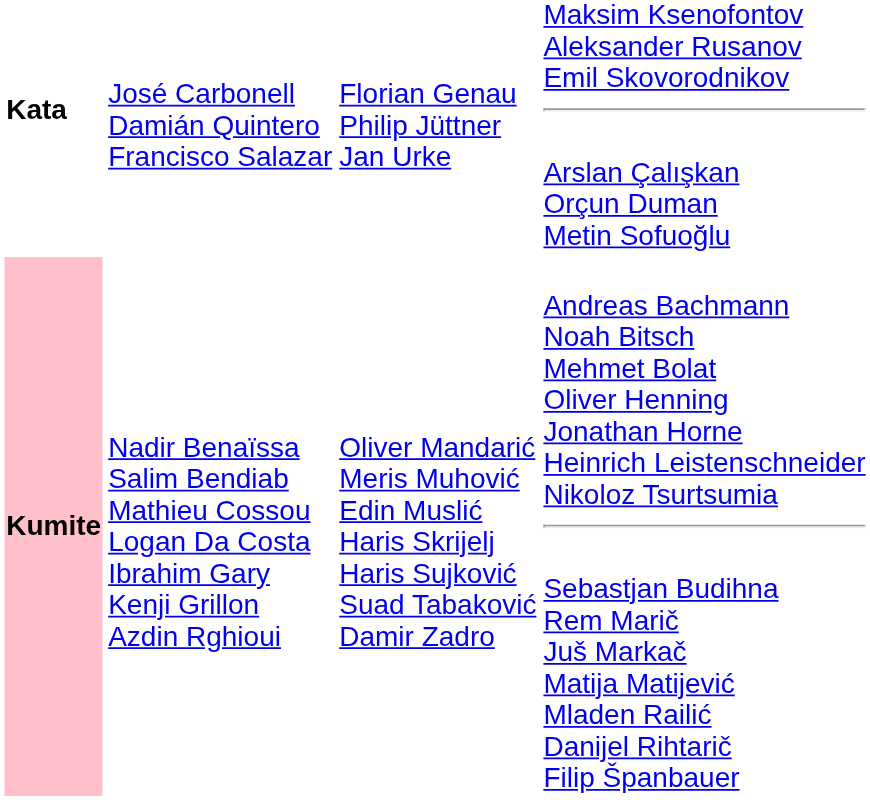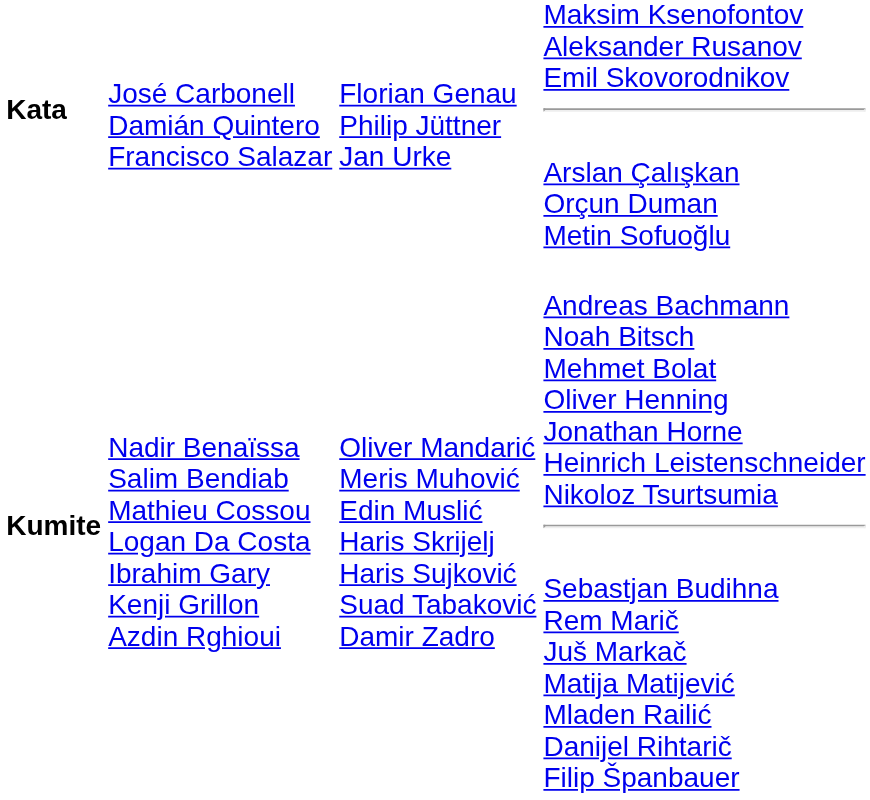 <table>
 <tr>
 <td><strong>Kata</strong></td>
 <td><br><a href='#'>José Carbonell</a><br><a href='#'>Damián Quintero</a><br><a href='#'>Francisco Salazar</a></td>
 <td><br><a href='#'>Florian Genau</a><br><a href='#'>Philip Jüttner</a><br><a href='#'>Jan Urke</a></td>
 <td><br><a href='#'>Maksim Ksenofontov</a><br><a href='#'>Aleksander Rusanov</a><br><a href='#'>Emil Skovorodnikov</a><hr><br><a href='#'>Arslan Çalışkan</a><br><a href='#'>Orçun Duman</a><br><a href='#'>Metin Sofuoğlu</a></td>
 </tr>
 <tr>
-<td style="background: pink;"><strong>Kumite</strong></td>
+<td><strong>Kumite</strong></td>
 <td><br><a href='#'>Nadir Benaïssa</a><br><a href='#'>Salim Bendiab</a><br><a href='#'>Mathieu Cossou</a><br><a href='#'>Logan Da Costa</a><br><a href='#'>Ibrahim Gary</a><br><a href='#'>Kenji Grillon</a><br><a href='#'>Azdin Rghioui</a></td>
 <td><br><a href='#'>Oliver Mandarić</a><br><a href='#'>Meris Muhović</a><br><a href='#'>Edin Muslić</a><br><a href='#'>Haris Skrijelj</a><br><a href='#'>Haris Sujković</a><br><a href='#'>Suad Tabaković</a><br><a href='#'>Damir Zadro</a></td>
 <td><br><a href='#'>Andreas Bachmann</a><br><a href='#'>Noah Bitsch</a><br><a href='#'>Mehmet Bolat</a><br><a href='#'>Oliver Henning</a><br><a href='#'>Jonathan Horne</a><br><a href='#'>Heinrich Leistenschneider</a><br><a href='#'>Nikoloz Tsurtsumia</a><hr><br><a href='#'>Sebastjan Budihna</a><br><a href='#'>Rem Marič</a><br><a href='#'>Juš Markač</a><br><a href='#'>Matija Matijević</a><br><a href='#'>Mladen Railić</a><br><a href='#'>Danijel Rihtarič</a><br><a href='#'>Filip Španbauer</a></td>
 </tr>
 </table>
